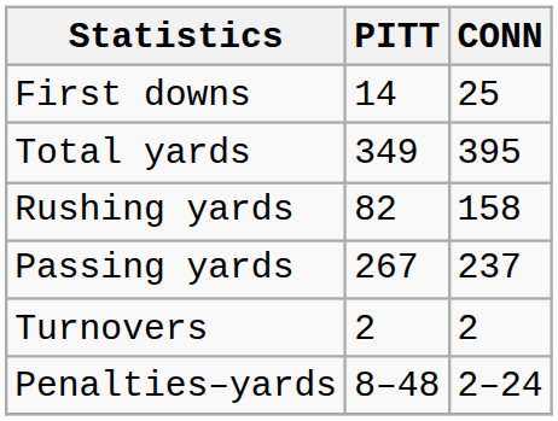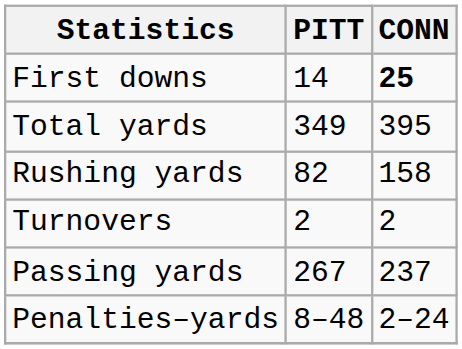 <table class="wikitable" style="float: left;">
 <tr>
 <th>Statistics</th>
 <th>PITT</th>
 <th>CONN</th>
 </tr>
 <tr>
 <td>First downs</td>
 <td>14</td>
-<td>25</td>
+<td><strong>25</strong></td>
 </tr>
 <tr>
 <td>Total yards</td>
 <td>349</td>
 <td>395</td>
 </tr>
 <tr>
 <td>Rushing yards</td>
 <td>82</td>
 <td>158</td>
 </tr>
 <tr>
+<td>Turnovers</td>
+<td>2</td>
+<td>2</td>
+</tr>
+<tr>
 <td>Passing yards</td>
 <td>267</td>
 <td>237</td>
-</tr>
-<tr>
-<td>Turnovers</td>
-<td>2</td>
-<td>2</td>
 </tr>
 <tr>
 <td>Penalties–yards</td>
 <td>8–48</td>
 <td>2–24</td>
 </tr>
 <tr>
 </tr>
 </table>
